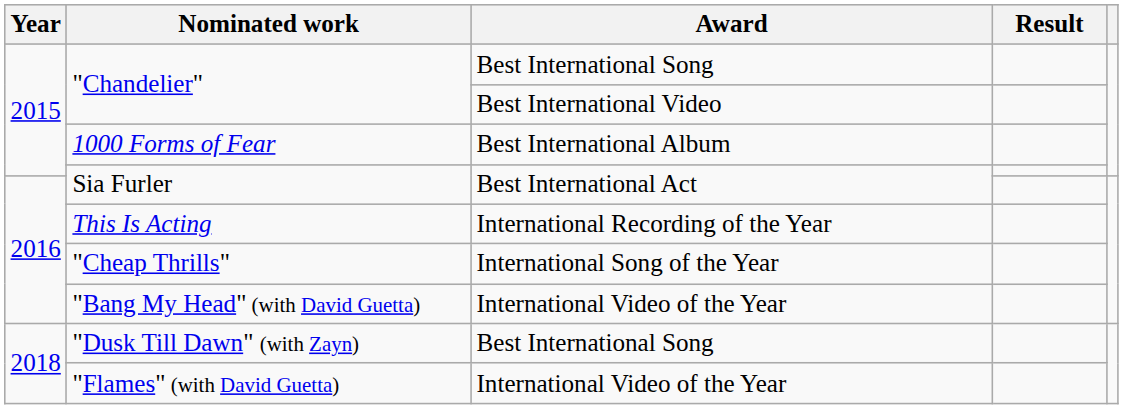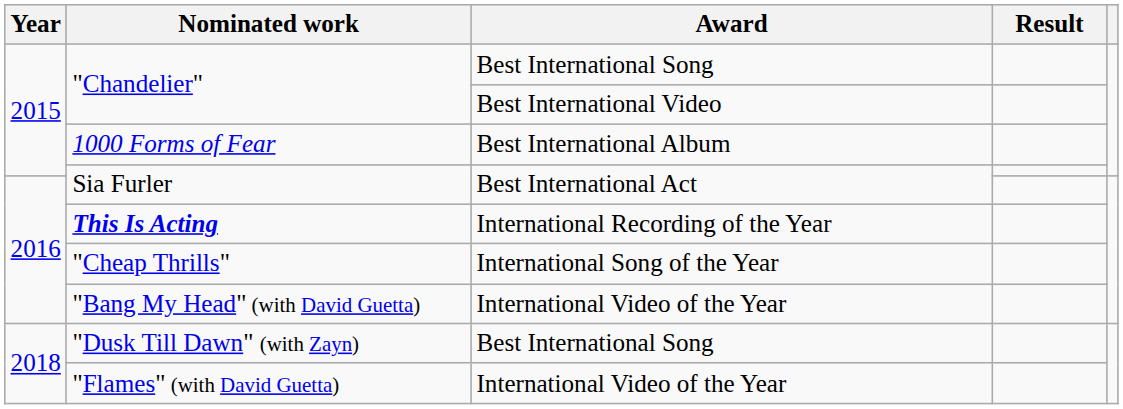 <table class="wikitable">
 <tr>
 <th>Year</th>
 <th style="width:250px;">Nominated work</th>
 <th style="width:325px;">Award</th>
 <th width="65">Result</th>
 <th></th>
 </tr>
 <tr>
 <td rowspan="4"><a href='#'>2015</a></td>
 <td rowspan="2">"<a href='#'>Chandelier</a>"</td>
 <td>Best International Song</td>
 <td></td>
 <td rowspan="4"></td>
 </tr>
 <tr>
 <td>Best International Video</td>
 <td></td>
 </tr>
 <tr>
 <td><em><a href='#'>1000 Forms of Fear</a></em></td>
 <td>Best International Album</td>
 <td></td>
 </tr>
 <tr>
 <td rowspan="2">Sia Furler</td>
 <td rowspan="2">Best International Act</td>
 <td></td>
 </tr>
 <tr>
 <td rowspan="4"><a href='#'>2016</a></td>
 <td></td>
 <td rowspan="4"></td>
 </tr>
 <tr>
-<td><em><a href='#'>This Is Acting</a></em></td>
+<td><strong><em><a href='#'>This Is Acting</a></em></strong></td>
 <td>International Recording of the Year</td>
 <td></td>
 </tr>
 <tr>
 <td>"<a href='#'>Cheap Thrills</a>"</td>
 <td>International Song of the Year</td>
 <td></td>
 </tr>
 <tr>
 <td>"<a href='#'>Bang My Head</a>"<small> (with <a href='#'>David Guetta</a>)</small></td>
 <td>International Video of the Year</td>
 <td></td>
 </tr>
 <tr>
 <td rowspan="2"><a href='#'>2018</a></td>
 <td>"<a href='#'>Dusk Till Dawn</a>" <small> (with <a href='#'>Zayn</a>)</small></td>
 <td>Best International Song</td>
 <td></td>
 <td rowspan="2"></td>
 </tr>
 <tr>
 <td>"<a href='#'>Flames</a>"<small> (with <a href='#'>David Guetta</a>)</small></td>
 <td>International Video of the Year</td>
 <td></td>
 </tr>
 </table>
